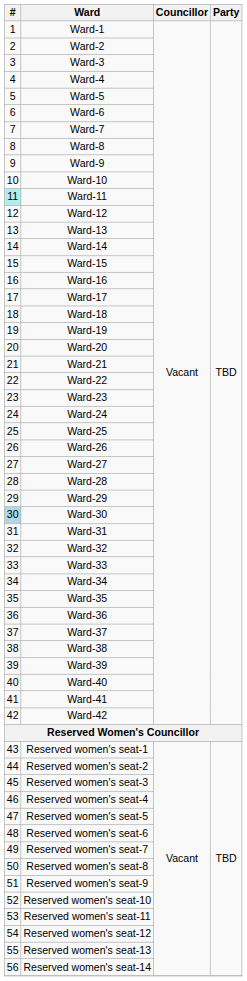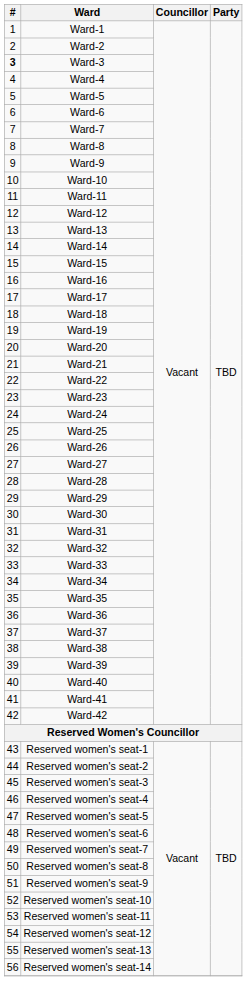 <table class="wikitable sortable" style="text-align:center;">
 <tr>
 <th>#</th>
 <th>Ward</th>
 <th>Councillor</th>
 <th colspan="2">Party</th>
 </tr>
 <tr>
 <td>1</td>
 <td>Ward-1</td>
 <td rowspan="42">Vacant</td>
 <td colspan="2" rowspan="42" bgcolor="">TBD</td>
 </tr>
 <tr>
 <td>2</td>
 <td>Ward-2</td>
 </tr>
 <tr>
-<td>3</td>
+<td><strong>3</strong></td>
 <td>Ward-3</td>
 </tr>
 <tr>
 <td>4</td>
 <td>Ward-4</td>
 </tr>
 <tr>
 <td>5</td>
 <td>Ward-5</td>
 </tr>
 <tr>
 <td>6</td>
 <td>Ward-6</td>
 </tr>
 <tr>
 <td>7</td>
 <td>Ward-7</td>
 </tr>
 <tr>
 <td>8</td>
 <td>Ward-8</td>
 </tr>
 <tr>
 <td>9</td>
 <td>Ward-9</td>
 </tr>
 <tr>
 <td>10</td>
 <td>Ward-10</td>
 </tr>
 <tr>
-<td style="background: paleturquoise;">11</td>
+<td>11</td>
 <td>Ward-11</td>
 </tr>
 <tr>
 <td>12</td>
 <td>Ward-12</td>
 </tr>
 <tr>
 <td>13</td>
 <td>Ward-13</td>
 </tr>
 <tr>
 <td>14</td>
 <td>Ward-14</td>
 </tr>
 <tr>
 <td>15</td>
 <td>Ward-15</td>
 </tr>
 <tr>
 <td>16</td>
 <td>Ward-16</td>
 </tr>
 <tr>
 <td>17</td>
 <td>Ward-17</td>
 </tr>
 <tr>
 <td>18</td>
 <td>Ward-18</td>
 </tr>
 <tr>
 <td>19</td>
 <td>Ward-19</td>
 </tr>
 <tr>
 <td>20</td>
 <td>Ward-20</td>
 </tr>
 <tr>
 <td>21</td>
 <td>Ward-21</td>
 </tr>
 <tr>
 <td>22</td>
 <td>Ward-22</td>
 </tr>
 <tr>
 <td>23</td>
 <td>Ward-23</td>
 </tr>
 <tr>
 <td>24</td>
 <td>Ward-24</td>
 </tr>
 <tr>
 <td>25</td>
 <td>Ward-25</td>
 </tr>
 <tr>
 <td>26</td>
 <td>Ward-26</td>
 </tr>
 <tr>
 <td>27</td>
 <td>Ward-27</td>
 </tr>
 <tr>
 <td>28</td>
 <td>Ward-28</td>
 </tr>
 <tr>
 <td>29</td>
 <td>Ward-29</td>
 </tr>
 <tr>
-<td style="background: lightblue;">30</td>
+<td>30</td>
 <td>Ward-30</td>
 </tr>
 <tr>
 <td>31</td>
 <td>Ward-31</td>
 </tr>
 <tr>
 <td>32</td>
 <td>Ward-32</td>
 </tr>
 <tr>
 <td>33</td>
 <td>Ward-33</td>
 </tr>
 <tr>
 <td>34</td>
 <td>Ward-34</td>
 </tr>
 <tr>
 <td>35</td>
 <td>Ward-35</td>
 </tr>
 <tr>
 <td>36</td>
 <td>Ward-36</td>
 </tr>
 <tr>
 <td>37</td>
 <td>Ward-37</td>
 </tr>
 <tr>
 <td>38</td>
 <td>Ward-38</td>
 </tr>
 <tr>
 <td>39</td>
 <td>Ward-39</td>
 </tr>
 <tr>
 <td>40</td>
 <td>Ward-40</td>
 </tr>
 <tr>
 <td>41</td>
 <td>Ward-41</td>
 </tr>
 <tr>
 <td>42</td>
 <td>Ward-42</td>
 </tr>
 <tr>
 <th colspan="5"><strong>Reserved Women's Councillor</strong></th>
 </tr>
 <tr>
 <td>43</td>
 <td>Reserved women's seat-1</td>
 <td rowspan="14">Vacant</td>
 <td colspan="2" rowspan="14" bgcolor="">TBD</td>
 </tr>
 <tr>
 <td>44</td>
 <td>Reserved women's seat-2</td>
 </tr>
 <tr>
 <td>45</td>
 <td>Reserved women's seat-3</td>
 </tr>
 <tr>
 <td>46</td>
 <td>Reserved women's seat-4</td>
 </tr>
 <tr>
 <td>47</td>
 <td>Reserved women's seat-5</td>
 </tr>
 <tr>
 <td>48</td>
 <td>Reserved women's seat-6</td>
 </tr>
 <tr>
 <td>49</td>
 <td>Reserved women's seat-7</td>
 </tr>
 <tr>
 <td>50</td>
 <td>Reserved women's seat-8</td>
 </tr>
 <tr>
 <td>51</td>
 <td>Reserved women's seat-9</td>
 </tr>
 <tr>
 <td>52</td>
 <td>Reserved women's seat-10</td>
 </tr>
 <tr>
 <td>53</td>
 <td>Reserved women's seat-11</td>
 </tr>
 <tr>
 <td>54</td>
 <td>Reserved women's seat-12</td>
 </tr>
 <tr>
 <td>55</td>
 <td>Reserved women's seat-13</td>
 </tr>
 <tr>
 <td>56</td>
 <td>Reserved women's seat-14</td>
 </tr>
 <tr>
 </tr>
 </table>
